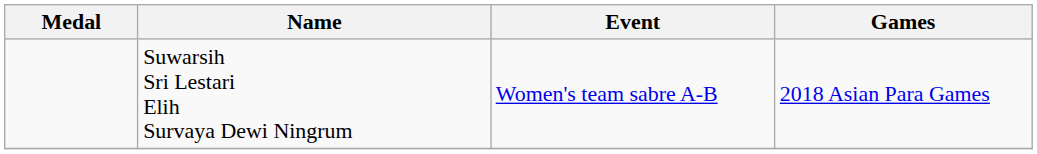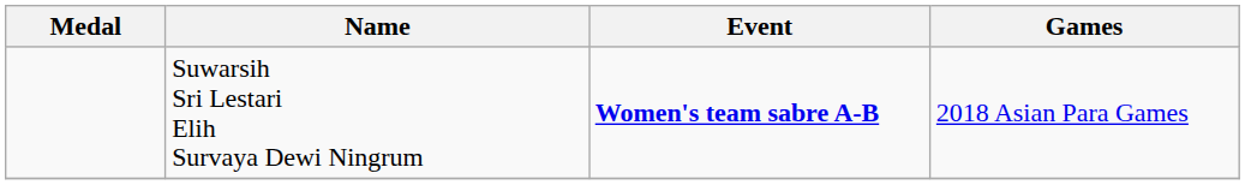 <table class="wikitable sortable" style="font-size:100%">
 <tr>
 <th width="90">Medal</th>
 <th width="250">Name</th>
 <th width="200">Event</th>
 <th width="180">Games</th>
 </tr>
 <tr>
 <td></td>
 <td>Suwarsih<br>Sri Lestari<br>Elih<br>Survaya Dewi Ningrum</td>
-<td><a href='#'>Women's team sabre A-B</a></td>
+<td><strong><a href='#'>Women's team sabre A-B</a></strong></td>
 <td><a href='#'>2018 Asian Para Games</a></td>
 </tr>
 <tr>
 </tr>
 </table>
